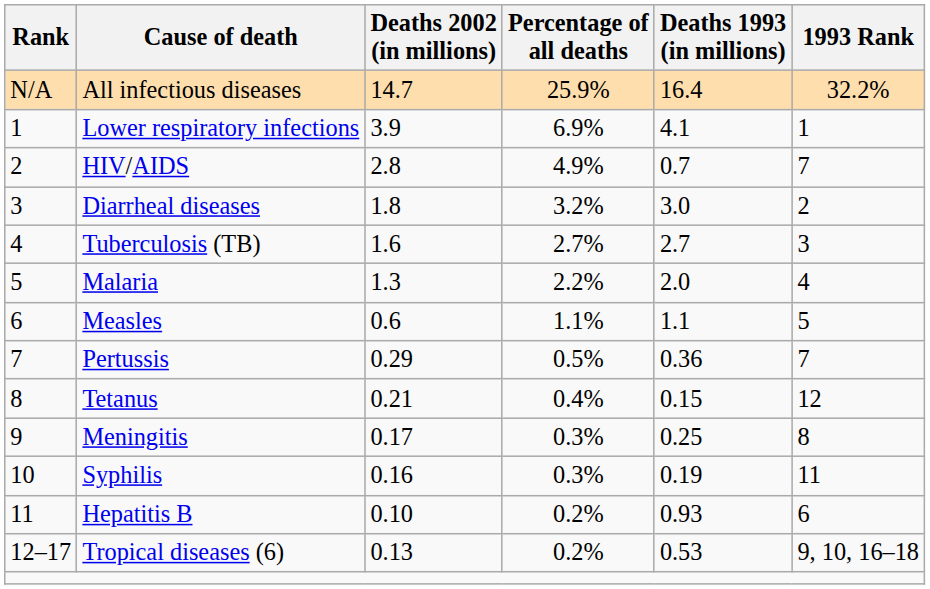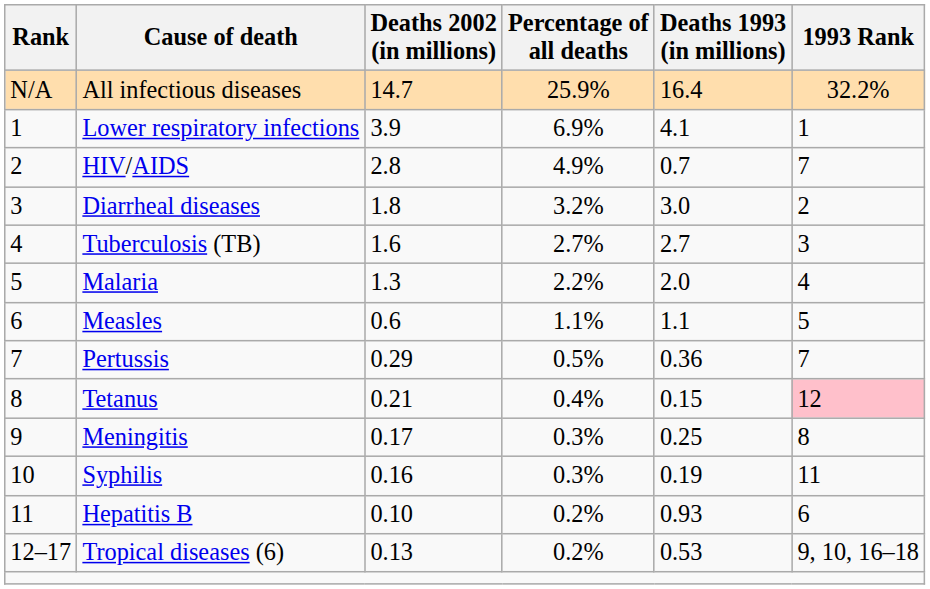 <table class="wikitable sortable">
 <tr>
 <th>Rank</th>
 <th>Cause of death</th>
 <th>Deaths 2002<br> (in millions)</th>
 <th>Percentage of<br> all deaths</th>
 <th>Deaths 1993<br> (in millions)</th>
 <th>1993 Rank</th>
 </tr>
 <tr style="background:#ffdead;">
 <td>N/A</td>
 <td style="background:#ffdead;">All infectious diseases</td>
 <td style="background:#ffdead;">14.7</td>
 <td style="background:#ffdead; text-align:center;">25.9%</td>
 <td style="background:#ffdead;">16.4</td>
 <td style="background:#ffdead; text-align:center;">32.2%</td>
 </tr>
 <tr>
 <td>1</td>
 <td><a href='#'>Lower respiratory infections</a></td>
 <td>3.9</td>
 <td style="text-align:center;">6.9%</td>
 <td>4.1</td>
 <td>1</td>
 </tr>
 <tr>
 <td>2</td>
 <td><a href='#'>HIV</a>/<a href='#'>AIDS</a></td>
 <td>2.8</td>
 <td style="text-align:center;">4.9%</td>
 <td>0.7</td>
 <td>7</td>
 </tr>
 <tr>
 <td>3</td>
 <td><a href='#'>Diarrheal diseases</a></td>
 <td>1.8</td>
 <td style="text-align:center;">3.2%</td>
 <td>3.0</td>
 <td>2</td>
 </tr>
 <tr>
 <td>4</td>
 <td><a href='#'>Tuberculosis</a> (TB)</td>
 <td>1.6</td>
 <td style="text-align:center;">2.7%</td>
 <td>2.7</td>
 <td>3</td>
 </tr>
 <tr>
 <td>5</td>
 <td><a href='#'>Malaria</a></td>
 <td>1.3</td>
 <td style="text-align:center;">2.2%</td>
 <td>2.0</td>
 <td>4</td>
 </tr>
 <tr>
 <td>6</td>
 <td><a href='#'>Measles</a></td>
 <td>0.6</td>
 <td style="text-align:center;">1.1%</td>
 <td>1.1</td>
 <td>5</td>
 </tr>
 <tr>
 <td>7</td>
 <td><a href='#'>Pertussis</a></td>
 <td>0.29</td>
 <td style="text-align:center;">0.5%</td>
 <td>0.36</td>
 <td>7</td>
 </tr>
 <tr>
 <td>8</td>
 <td><a href='#'>Tetanus</a></td>
 <td>0.21</td>
 <td style="text-align:center;">0.4%</td>
 <td>0.15</td>
-<td>12</td>
+<td style="background: pink;">12</td>
 </tr>
 <tr>
 <td>9</td>
 <td><a href='#'>Meningitis</a></td>
 <td>0.17</td>
 <td style="text-align:center;">0.3%</td>
 <td>0.25</td>
 <td>8</td>
 </tr>
 <tr>
 <td>10</td>
 <td><a href='#'>Syphilis</a></td>
 <td>0.16</td>
 <td style="text-align:center;">0.3%</td>
 <td>0.19</td>
 <td>11</td>
 </tr>
 <tr>
 <td>11</td>
 <td><a href='#'>Hepatitis B</a></td>
 <td>0.10</td>
 <td style="text-align:center;">0.2%</td>
 <td>0.93</td>
 <td>6</td>
 </tr>
 <tr>
 <td>12–17</td>
 <td><a href='#'>Tropical diseases</a> (6)</td>
 <td>0.13</td>
 <td style="text-align:center;">0.2%</td>
 <td>0.53</td>
 <td>9, 10, 16–18</td>
 </tr>
 <tr>
 <td style="text-align:left;" colspan=6></td>
 </tr>
 </table>
